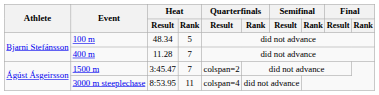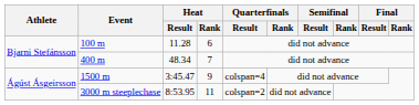 <table class="wikitable" style="font-size:90%">
 <tr>
 <th rowspan="2">Athlete</th>
 <th rowspan="2">Event</th>
 <th colspan="2">Heat</th>
 <th colspan="2">Quarterfinals</th>
 <th colspan="2">Semifinal</th>
 <th colspan="2">Final</th>
 </tr>
 <tr style="font-size:95%">
 <th>Result</th>
 <th>Rank</th>
 <th>Result</th>
 <th>Rank</th>
 <th>Result</th>
 <th>Rank</th>
 <th>Result</th>
 <th>Rank</th>
 </tr>
 <tr align=center>
 <td align=left rowspan=2><a href='#'>Bjarni Stefánsson</a></td>
 <td align=left><a href='#'>100 m</a></td>
-<td>48.34</td>
-<td>5</td>
+<td>11.28</td>
+<td>6</td>
 <td colspan=6>did not advance</td>
 </tr>
 <tr align=center>
 <td align=left><a href='#'>400 m</a></td>
-<td>11.28</td>
+<td>48.34</td>
 <td>7</td>
 <td colspan=6>did not advance</td>
 </tr>
 <tr align=center>
 <td align=left rowspan=2><a href='#'>Ágúst Ásgeirsson</a></td>
 <td align=left><a href='#'>1500 m</a></td>
 <td>3:45.47</td>
-<td>7</td>
-<td>colspan=2 </td>
+<td>9</td>
+<td>colspan=4 </td>
 <td colspan=4>did not advance</td>
 </tr>
 <tr align=center>
 <td align=left><a href='#'>3000 m steeplechase</a></td>
 <td>8:53.95</td>
 <td>11</td>
-<td>colspan=4 </td>
+<td>colspan=2 </td>
 <td colspan=2>did not advance</td>
 </tr>
 </table>
